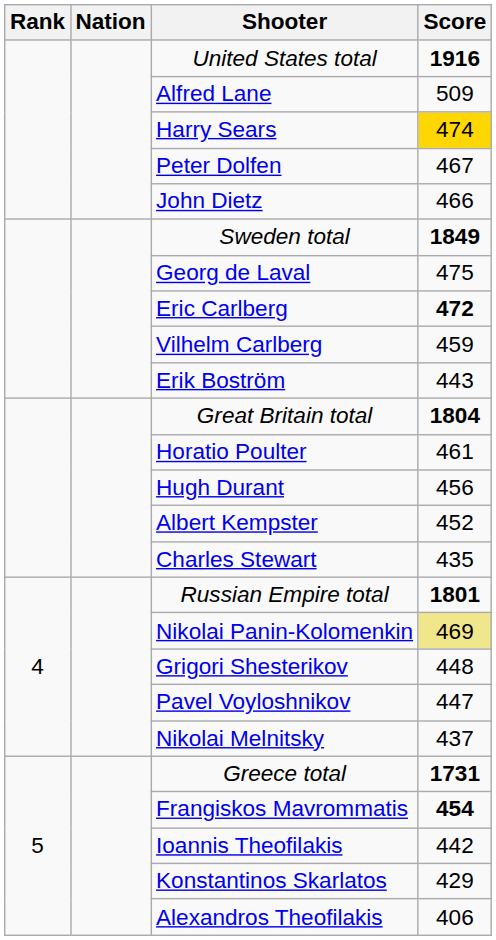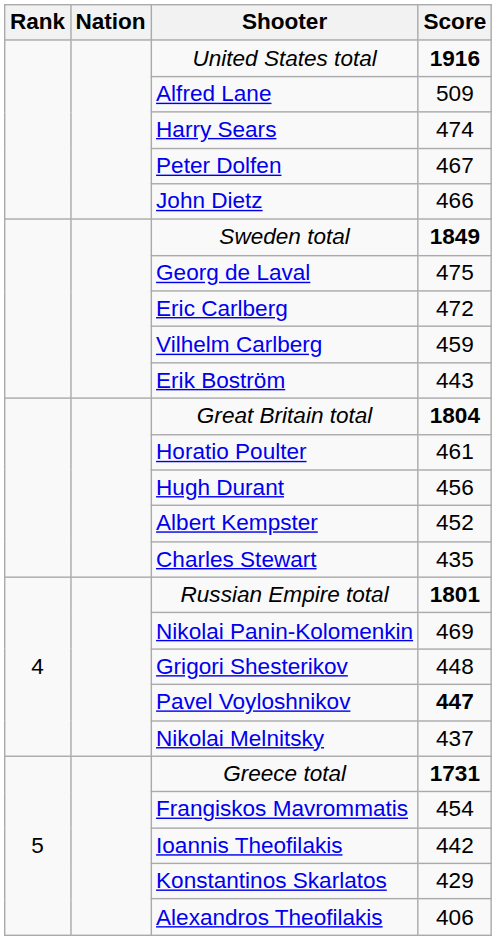 <table class="wikitable sortable" style="text-align:center">
 <tr>
 <th>Rank</th>
 <th>Nation</th>
 <th>Shooter</th>
 <th>Score</th>
 </tr>
 <tr>
 <td rowspan=5></td>
 <td rowspan=5 align=left></td>
 <td><em>United States total</em></td>
 <td><strong>1916</strong></td>
 </tr>
 <tr>
 <td align=left><a href='#'>Alfred Lane</a></td>
 <td>509</td>
 </tr>
 <tr>
 <td align=left><a href='#'>Harry Sears</a></td>
-<td style="background: gold;">474</td>
+<td>474</td>
 </tr>
 <tr>
 <td align=left><a href='#'>Peter Dolfen</a></td>
 <td>467</td>
 </tr>
 <tr>
 <td align=left><a href='#'>John Dietz</a></td>
 <td>466</td>
 </tr>
 <tr>
 <td rowspan=5></td>
 <td rowspan=5 align=left></td>
 <td><em>Sweden total</em></td>
 <td><strong>1849</strong></td>
 </tr>
 <tr>
 <td align=left><a href='#'>Georg de Laval</a></td>
 <td>475</td>
 </tr>
 <tr>
 <td align=left><a href='#'>Eric Carlberg</a></td>
-<td><strong>472</strong></td>
+<td>472</td>
 </tr>
 <tr>
 <td align=left><a href='#'>Vilhelm Carlberg</a></td>
 <td>459</td>
 </tr>
 <tr>
 <td align=left><a href='#'>Erik Boström</a></td>
 <td>443</td>
 </tr>
 <tr>
 <td rowspan=5></td>
 <td rowspan=5 align=left></td>
 <td><em>Great Britain total</em></td>
 <td><strong>1804</strong></td>
 </tr>
 <tr>
 <td align=left><a href='#'>Horatio Poulter</a></td>
 <td>461</td>
 </tr>
 <tr>
 <td align=left><a href='#'>Hugh Durant</a></td>
 <td>456</td>
 </tr>
 <tr>
 <td align=left><a href='#'>Albert Kempster</a></td>
 <td>452</td>
 </tr>
 <tr>
 <td align=left><a href='#'>Charles Stewart</a></td>
 <td>435</td>
 </tr>
 <tr>
 <td rowspan=5>4</td>
 <td rowspan=5 align=left></td>
 <td><em>Russian Empire total</em></td>
 <td><strong>1801</strong></td>
 </tr>
 <tr>
 <td align=left><a href='#'>Nikolai Panin-Kolomenkin</a></td>
-<td style="background: khaki;">469</td>
+<td>469</td>
 </tr>
 <tr>
 <td align=left><a href='#'>Grigori Shesterikov</a></td>
 <td>448</td>
 </tr>
 <tr>
 <td align=left><a href='#'>Pavel Voyloshnikov</a></td>
-<td>447</td>
+<td><strong>447</strong></td>
 </tr>
 <tr>
 <td align=left><a href='#'>Nikolai Melnitsky</a></td>
 <td>437</td>
 </tr>
 <tr>
 <td rowspan=5>5</td>
 <td rowspan=5 align=left></td>
 <td><em>Greece total</em></td>
 <td><strong>1731</strong></td>
 </tr>
 <tr>
 <td align=left><a href='#'>Frangiskos Mavrommatis</a></td>
-<td><strong>454</strong></td>
+<td>454</td>
 </tr>
 <tr>
 <td align=left><a href='#'>Ioannis Theofilakis</a></td>
 <td>442</td>
 </tr>
 <tr>
 <td align=left><a href='#'>Konstantinos Skarlatos</a></td>
 <td>429</td>
 </tr>
 <tr>
 <td align=left><a href='#'>Alexandros Theofilakis</a></td>
 <td>406</td>
 </tr>
 </table>
